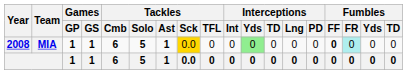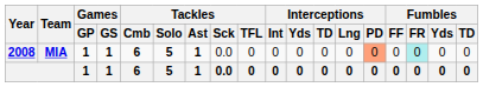 <table class="wikitable" style="text-align:center">
 <tr>
 <th rowspan="2">Year</th>
 <th rowspan="2">Team</th>
 <th colspan="2">Games</th>
 <th colspan="5">Tackles</th>
 <th colspan="5">Interceptions</th>
 <th colspan="4">Fumbles</th>
 </tr>
 <tr>
 <th>GP</th>
 <th>GS</th>
 <th>Cmb</th>
 <th>Solo</th>
 <th>Ast</th>
 <th>Sck</th>
 <th>TFL</th>
 <th>Int</th>
 <th>Yds</th>
 <th>TD</th>
 <th>Lng</th>
 <th>PD</th>
 <th>FF</th>
 <th>FR</th>
 <th>Yds</th>
 <th>TD</th>
 </tr>
 <tr>
 <th><a href='#'>2008</a></th>
 <th><a href='#'>MIA</a></th>
 <td><strong>1</strong></td>
 <td><strong>1</strong></td>
 <td><strong>6</strong></td>
 <td><strong>5</strong></td>
 <td><strong>1</strong></td>
-<td style="background: gold;">0.0</td>
-<td>0</td>
-<td>0</td>
-<td style="background: lightgreen;">0</td>
+<td>0.0</td>
 <td>0</td>
 <td>0</td>
 <td>0</td>
-<td><strong>0</strong></td>
+<td>0</td>
+<td>0</td>
+<td style="background: lightsalmon;">0</td>
+<td>0</td>
 <td style="background: paleturquoise;">0</td>
 <td>0</td>
 <td>0</td>
 </tr>
 <tr>
 <th colspan="2"></th>
 <th>1</th>
 <th>1</th>
 <th>6</th>
 <th>5</th>
 <th>1</th>
 <th>0.0</th>
 <th>0</th>
 <th>0</th>
 <th>0</th>
 <th>0</th>
 <th>0</th>
 <th>0</th>
 <th>0</th>
 <th>0</th>
 <th>0</th>
 <th>0</th>
 </tr>
 </table>
